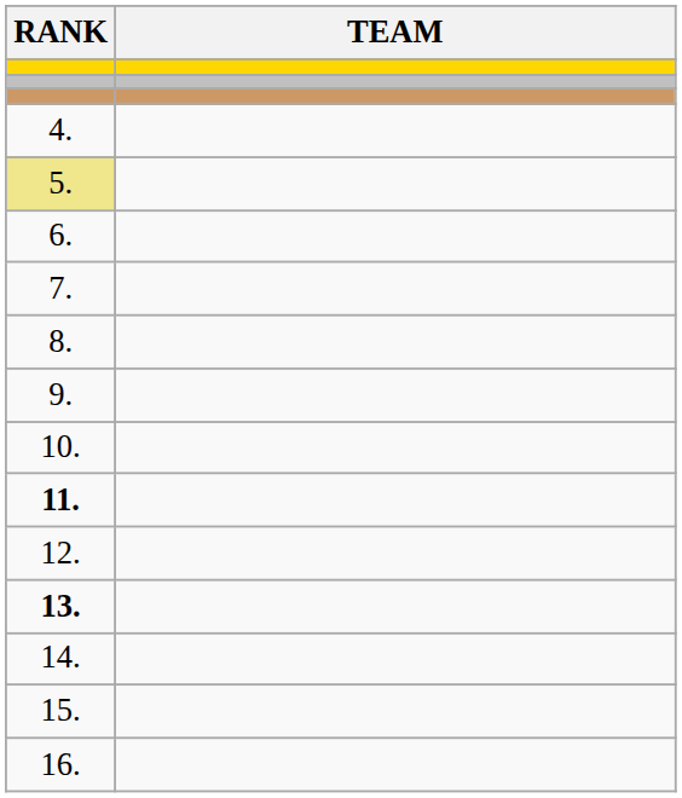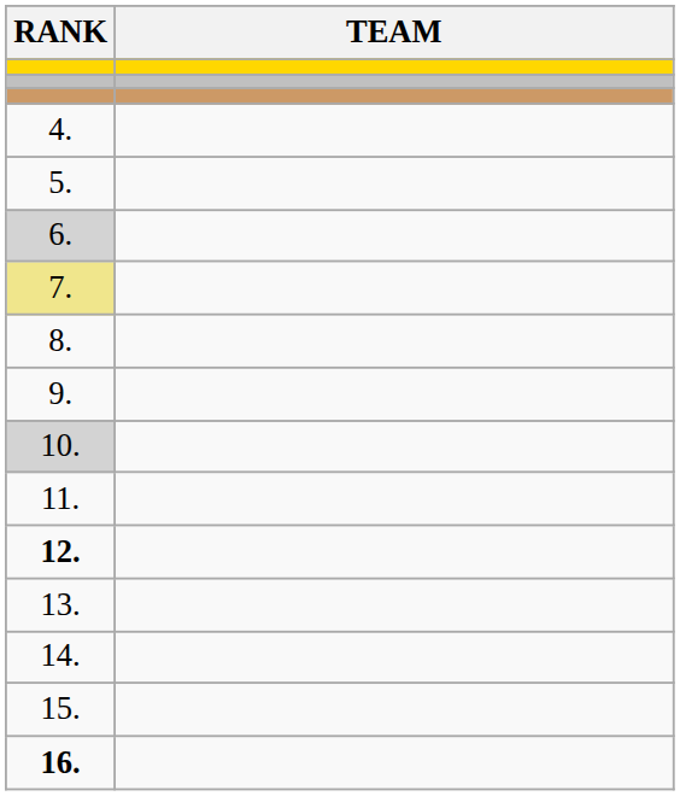 <table class="wikitable" style="border-collapse: collapse; font-size: 90%;">
 <tr>
 <th>RANK</th>
 <th align="left" style="width: 17em">TEAM</th>
 </tr>
 <tr bgcolor=gold>
 <td align="center"></td>
 <td></td>
 </tr>
 <tr bgcolor=silver>
 <td align="center"></td>
 <td></td>
 </tr>
 <tr bgcolor=cc9966>
 <td align="center"></td>
 <td></td>
 </tr>
 <tr>
 <td align="center">4.</td>
 <td></td>
 </tr>
 <tr>
-<td align="center" style="background: khaki;">5.</td>
+<td align="center">5.</td>
 <td></td>
 </tr>
 <tr>
-<td align="center">6.</td>
+<td align="center" style="background: lightgrey;">6.</td>
 <td></td>
 </tr>
 <tr>
-<td align="center">7.</td>
+<td align="center" style="background: khaki;">7.</td>
 <td></td>
 </tr>
 <tr>
 <td align="center">8.</td>
 <td></td>
 </tr>
 <tr>
 <td align="center">9.</td>
 <td></td>
 </tr>
 <tr>
-<td align="center">10.</td>
+<td align="center" style="background: lightgrey;">10.</td>
 <td></td>
 </tr>
 <tr>
-<td align="center"><strong>11.</strong></td>
+<td align="center">11.</td>
 <td></td>
 </tr>
 <tr>
-<td align="center">12.</td>
+<td align="center"><strong>12.</strong></td>
 <td></td>
 </tr>
 <tr>
-<td align="center"><strong>13.</strong></td>
+<td align="center">13.</td>
 <td></td>
 </tr>
 <tr>
 <td align="center">14.</td>
 <td></td>
 </tr>
 <tr>
 <td align="center">15.</td>
 <td></td>
 </tr>
 <tr>
-<td align="center">16.</td>
+<td align="center"><strong>16.</strong></td>
 <td></td>
 </tr>
 </table>
